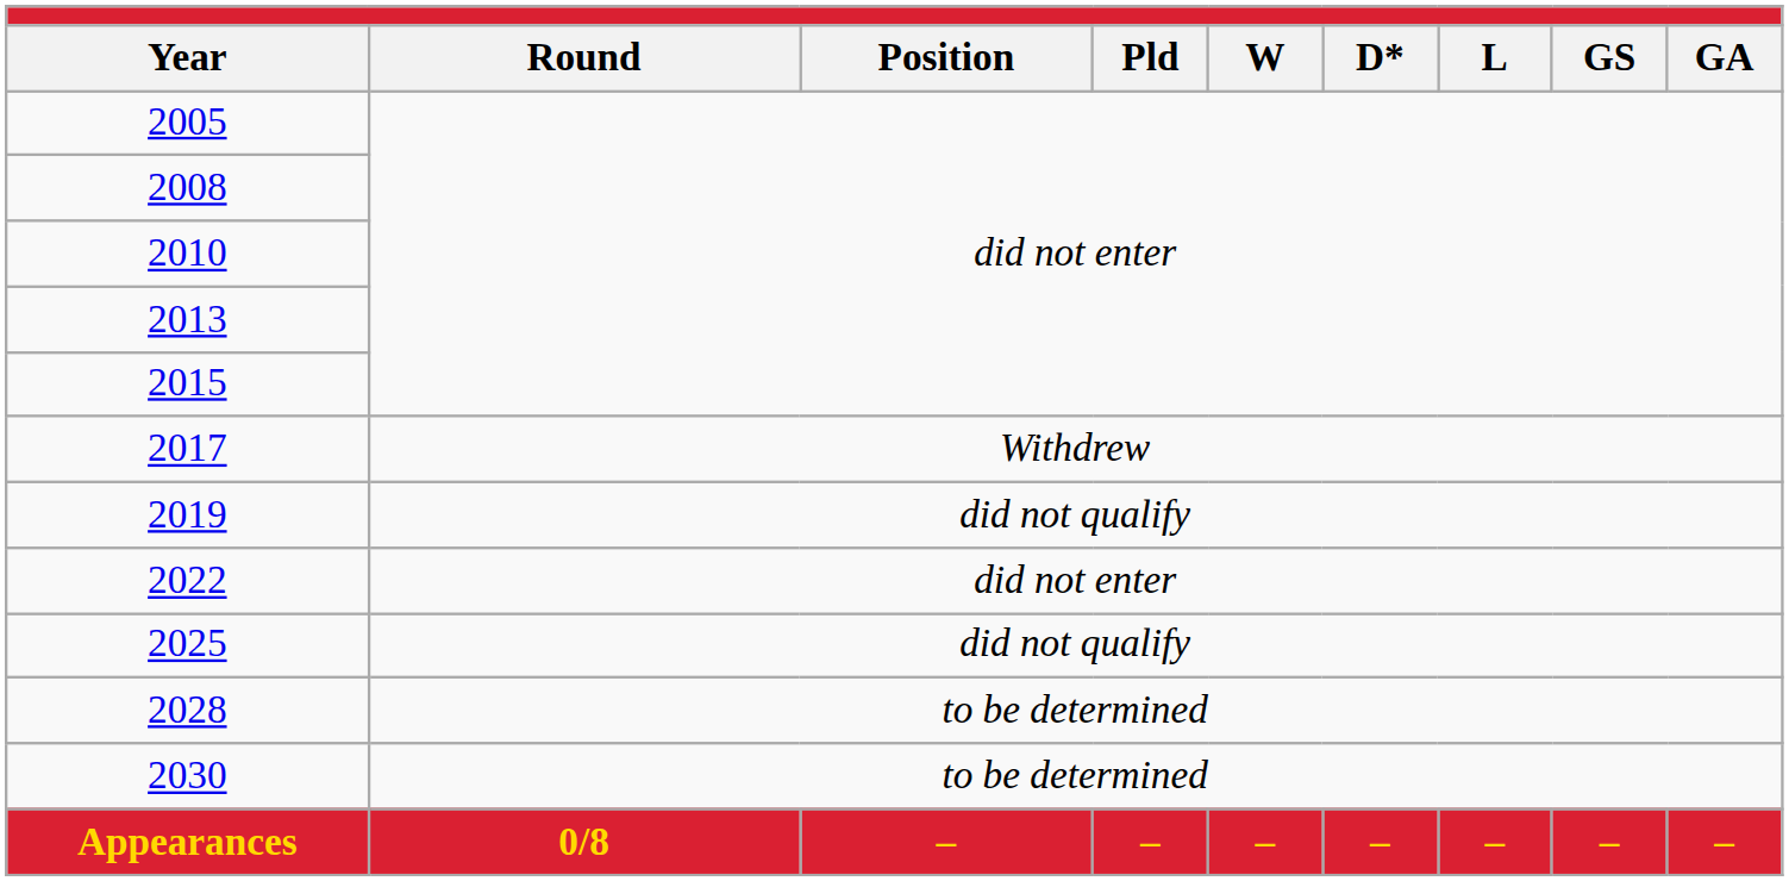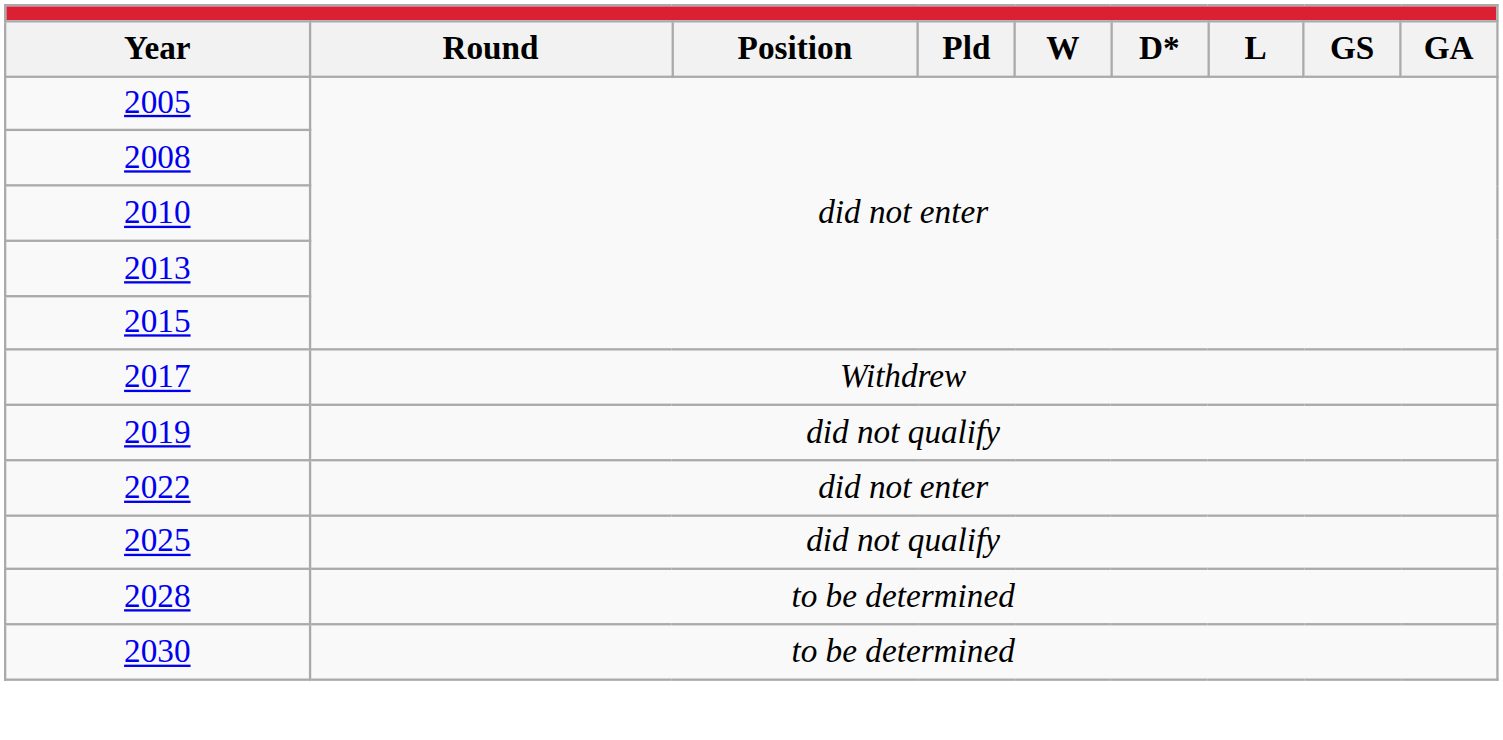 <table class="wikitable" style="text-align: center;font-size:90%;">
 <tr>
 <th colspan="9" style="background: #DA2032; color: #FFD900;"><a href='#'></a></th>
 </tr>
 <tr>
 <th width=125>Year</th>
 <th width=150>Round</th>
 <th width=100>Position</th>
 <th width=35>Pld</th>
 <th width=35>W</th>
 <th width=35>D*</th>
 <th width=35>L</th>
 <th width=35>GS</th>
 <th width=35>GA</th>
 </tr>
 <tr>
 <td> <a href='#'>2005</a></td>
 <td colspan="8" rowspan="5"><em>did not enter</em></td>
 </tr>
 <tr>
 <td> <a href='#'>2008</a></td>
 </tr>
 <tr>
 <td> <a href='#'>2010</a></td>
 </tr>
 <tr>
 <td> <a href='#'>2013</a></td>
 </tr>
 <tr>
 <td> <a href='#'>2015</a></td>
 </tr>
 <tr>
 <td> <a href='#'>2017</a></td>
 <td colspan="8"><em>Withdrew</em></td>
 </tr>
 <tr>
 <td> <a href='#'>2019</a></td>
 <td colspan="8"><em>did not qualify</em></td>
 </tr>
 <tr>
 <td> <a href='#'>2022</a></td>
 <td colspan="8"><em>did not enter</em></td>
 </tr>
 <tr>
 <td> <a href='#'>2025</a></td>
 <td colspan="8"><em>did not qualify</em></td>
 </tr>
 <tr>
 <td> <a href='#'>2028</a></td>
 <td colspan="8"><em>to be determined</em></td>
 </tr>
 <tr>
 <td>  <a href='#'>2030</a></td>
 <td colspan="8"><em>to be determined</em></td>
 </tr>
-<tr>
-<td colspan=1 style="background: #DA2032; color: #FFD900;"><strong>Appearances</strong></td>
-<td style="background: #DA2032; color: #FFD900;"><strong>0/8</strong></td>
-<td style="background: #DA2032; color: #FFD900;"><strong>–</strong></td>
-<td style="background: #DA2032; color: #FFD900;"><strong>–</strong></td>
-<td style="background: #DA2032; color: #FFD900;"><strong>–</strong></td>
-<td style="background: #DA2032; color: #FFD900;"><strong>–</strong></td>
-<td style="background: #DA2032; color: #FFD900;"><strong>–</strong></td>
-<td style="background: #DA2032; color: #FFD900;"><strong>–</strong></td>
-<td style="background: #DA2032; color: #FFD900;"><strong>–</strong></td>
-</tr>
 </table>
